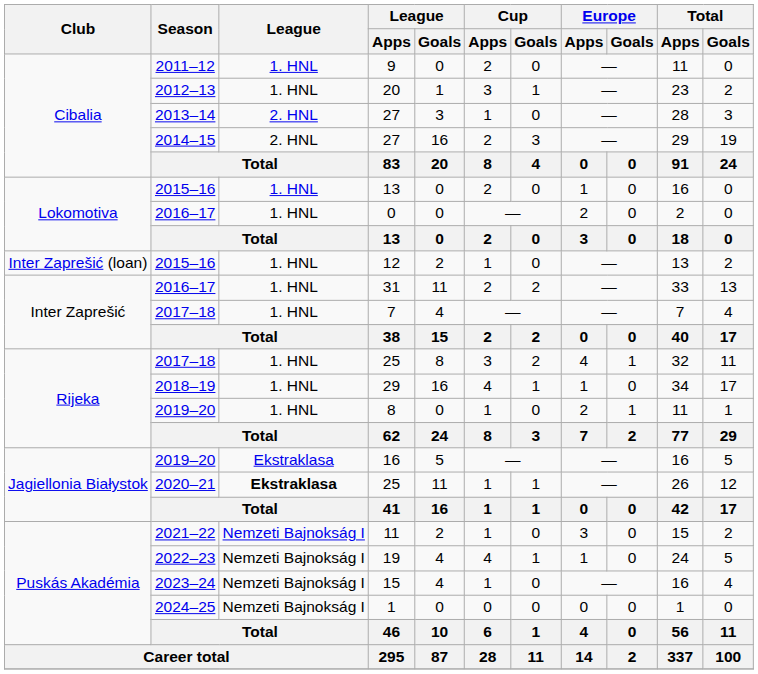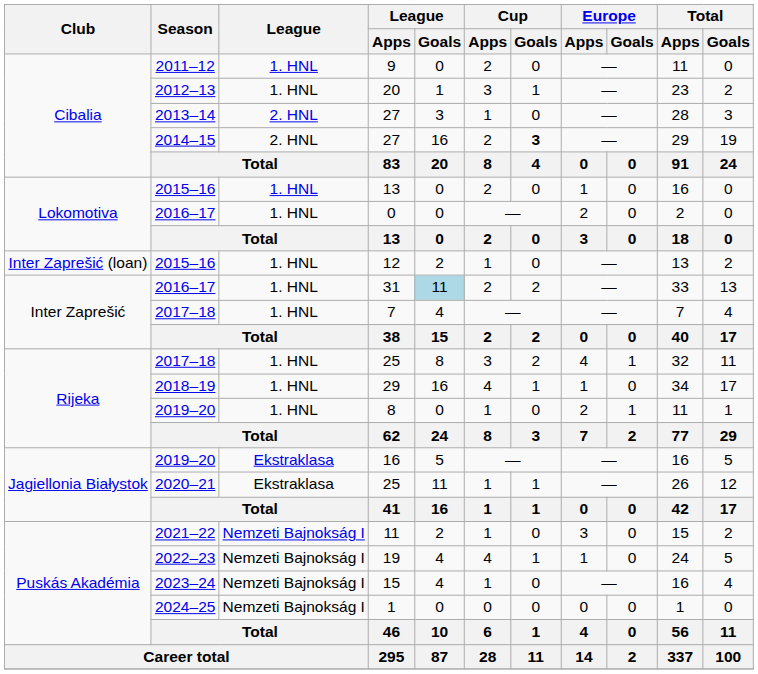 <table class="wikitable" style="text-align: center;">
 <tr>
 <th rowspan="2">Club</th>
 <th rowspan="2">Season</th>
 <th rowspan="2">League</th>
 <th colspan="2">League</th>
 <th colspan="2">Cup</th>
 <th colspan="2"><a href='#'>Europe</a></th>
 <th colspan="2">Total</th>
 </tr>
 <tr>
 <th>Apps</th>
 <th>Goals</th>
 <th>Apps</th>
 <th>Goals</th>
 <th>Apps</th>
 <th>Goals</th>
 <th>Apps</th>
 <th>Goals</th>
 </tr>
 <tr>
 <td rowspan="5" valign="center"><a href='#'>Cibalia</a></td>
 <td><a href='#'>2011–12</a></td>
 <td><a href='#'>1. HNL</a></td>
 <td>9</td>
 <td>0</td>
 <td>2</td>
 <td>0</td>
 <td colspan="2">—</td>
 <td>11</td>
 <td>0</td>
 </tr>
 <tr>
 <td><a href='#'>2012–13</a></td>
 <td>1. HNL</td>
 <td>20</td>
 <td>1</td>
 <td>3</td>
 <td>1</td>
 <td colspan="2">—</td>
 <td>23</td>
 <td>2</td>
 </tr>
 <tr>
 <td><a href='#'>2013–14</a></td>
 <td><a href='#'>2. HNL</a></td>
 <td>27</td>
 <td>3</td>
 <td>1</td>
 <td>0</td>
 <td colspan="2">—</td>
 <td>28</td>
 <td>3</td>
 </tr>
 <tr>
 <td><a href='#'>2014–15</a></td>
 <td>2. HNL</td>
 <td>27</td>
 <td>16</td>
 <td>2</td>
-<td>3</td>
+<td><strong>3</strong></td>
 <td colspan="2">—</td>
 <td>29</td>
 <td>19</td>
 </tr>
 <tr>
 <th colspan=2>Total</th>
 <th>83</th>
 <th>20</th>
 <th>8</th>
 <th>4</th>
 <th>0</th>
 <th>0</th>
 <th>91</th>
 <th>24</th>
 </tr>
 <tr>
 <td rowspan="3" valign="center"><a href='#'>Lokomotiva</a></td>
 <td><a href='#'>2015–16</a></td>
 <td><a href='#'>1. HNL</a></td>
 <td>13</td>
 <td>0</td>
 <td>2</td>
 <td>0</td>
 <td>1</td>
 <td>0</td>
 <td>16</td>
 <td>0</td>
 </tr>
 <tr>
 <td><a href='#'>2016–17</a></td>
 <td>1. HNL</td>
 <td>0</td>
 <td>0</td>
 <td colspan="2">—</td>
 <td>2</td>
 <td>0</td>
 <td>2</td>
 <td>0</td>
 </tr>
 <tr>
 <th colspan=2>Total</th>
 <th>13</th>
 <th>0</th>
 <th>2</th>
 <th>0</th>
 <th>3</th>
 <th>0</th>
 <th>18</th>
 <th>0</th>
 </tr>
 <tr>
 <td rowspan="1" valign="center"><a href='#'>Inter Zaprešić</a> (loan)</td>
 <td><a href='#'>2015–16</a></td>
 <td>1. HNL</td>
 <td>12</td>
 <td>2</td>
 <td>1</td>
 <td>0</td>
 <td colspan="2">—</td>
 <td>13</td>
 <td>2</td>
 </tr>
 <tr>
 <td rowspan="3" valign="center">Inter Zaprešić</td>
 <td><a href='#'>2016–17</a></td>
 <td>1. HNL</td>
 <td>31</td>
-<td>11</td>
+<td style="background: lightblue;">11</td>
 <td>2</td>
 <td>2</td>
 <td colspan="2">—</td>
 <td>33</td>
 <td>13</td>
 </tr>
 <tr>
 <td><a href='#'>2017–18</a></td>
 <td>1. HNL</td>
 <td>7</td>
 <td>4</td>
 <td colspan="2">—</td>
 <td colspan="2">—</td>
 <td>7</td>
 <td>4</td>
 </tr>
 <tr>
 <th colspan=2>Total</th>
 <th>38</th>
 <th>15</th>
 <th>2</th>
 <th>2</th>
 <th>0</th>
 <th>0</th>
 <th>40</th>
 <th>17</th>
 </tr>
 <tr>
 <td rowspan="4" valign="center"><a href='#'>Rijeka</a></td>
 <td><a href='#'>2017–18</a></td>
 <td>1. HNL</td>
 <td>25</td>
 <td>8</td>
 <td>3</td>
 <td>2</td>
 <td>4</td>
 <td>1</td>
 <td>32</td>
 <td>11</td>
 </tr>
 <tr>
 <td><a href='#'>2018–19</a></td>
 <td>1. HNL</td>
 <td>29</td>
 <td>16</td>
 <td>4</td>
 <td>1</td>
 <td>1</td>
 <td>0</td>
 <td>34</td>
 <td>17</td>
 </tr>
 <tr>
 <td><a href='#'>2019–20</a></td>
 <td>1. HNL</td>
 <td>8</td>
 <td>0</td>
 <td>1</td>
 <td>0</td>
 <td>2</td>
 <td>1</td>
 <td>11</td>
 <td>1</td>
 </tr>
 <tr>
 <th colspan=2>Total</th>
 <th>62</th>
 <th>24</th>
 <th>8</th>
 <th>3</th>
 <th>7</th>
 <th>2</th>
 <th>77</th>
 <th>29</th>
 </tr>
 <tr>
 <td rowspan="3" valign="center"><a href='#'>Jagiellonia Białystok</a></td>
 <td><a href='#'>2019–20</a></td>
 <td><a href='#'>Ekstraklasa</a></td>
 <td>16</td>
 <td>5</td>
 <td colspan="2">—</td>
 <td colspan="2">—</td>
 <td>16</td>
 <td>5</td>
 </tr>
 <tr>
 <td><a href='#'>2020–21</a></td>
-<td><strong>Ekstraklasa</strong></td>
+<td>Ekstraklasa</td>
 <td>25</td>
 <td>11</td>
 <td>1</td>
 <td>1</td>
 <td colspan="2">—</td>
 <td>26</td>
 <td>12</td>
 </tr>
 <tr>
 <th colspan=2>Total</th>
 <th>41</th>
 <th>16</th>
 <th>1</th>
 <th>1</th>
 <th>0</th>
 <th>0</th>
 <th>42</th>
 <th>17</th>
 </tr>
 <tr>
 <td rowspan="5" valign="center"><a href='#'>Puskás Akadémia</a></td>
 <td><a href='#'>2021–22</a></td>
 <td><a href='#'>Nemzeti Bajnokság I</a></td>
 <td>11</td>
 <td>2</td>
 <td>1</td>
 <td>0</td>
 <td>3</td>
 <td>0</td>
 <td>15</td>
 <td>2</td>
 </tr>
 <tr>
 <td><a href='#'>2022–23</a></td>
 <td>Nemzeti Bajnokság I</td>
 <td>19</td>
 <td>4</td>
 <td>4</td>
 <td>1</td>
 <td>1</td>
 <td>0</td>
 <td>24</td>
 <td>5</td>
 </tr>
 <tr>
 <td><a href='#'>2023–24</a></td>
 <td>Nemzeti Bajnokság I</td>
 <td>15</td>
 <td>4</td>
 <td>1</td>
 <td>0</td>
 <td colspan="2">—</td>
 <td>16</td>
 <td>4</td>
 </tr>
 <tr>
 <td><a href='#'>2024–25</a></td>
 <td>Nemzeti Bajnokság I</td>
 <td>1</td>
 <td>0</td>
 <td>0</td>
 <td>0</td>
 <td>0</td>
 <td>0</td>
 <td>1</td>
 <td>0</td>
 </tr>
 <tr>
 <th colspan=2>Total</th>
 <th>46</th>
 <th>10</th>
 <th>6</th>
 <th>1</th>
 <th>4</th>
 <th>0</th>
 <th>56</th>
 <th>11</th>
 </tr>
 <tr>
 <th colspan=3>Career total</th>
 <th>295</th>
 <th>87</th>
 <th>28</th>
 <th>11</th>
 <th>14</th>
 <th>2</th>
 <th>337</th>
 <th>100</th>
 </tr>
 <tr>
 </tr>
 </table>
